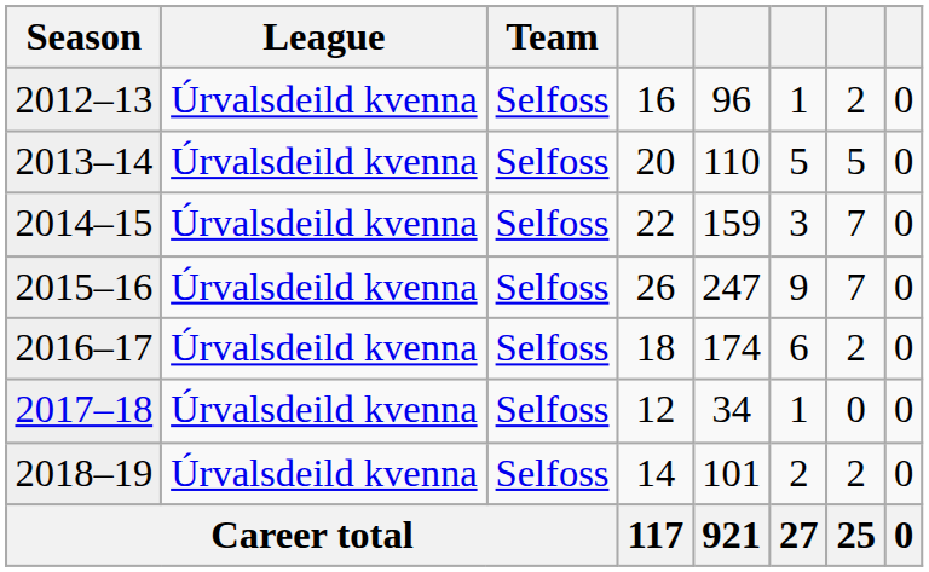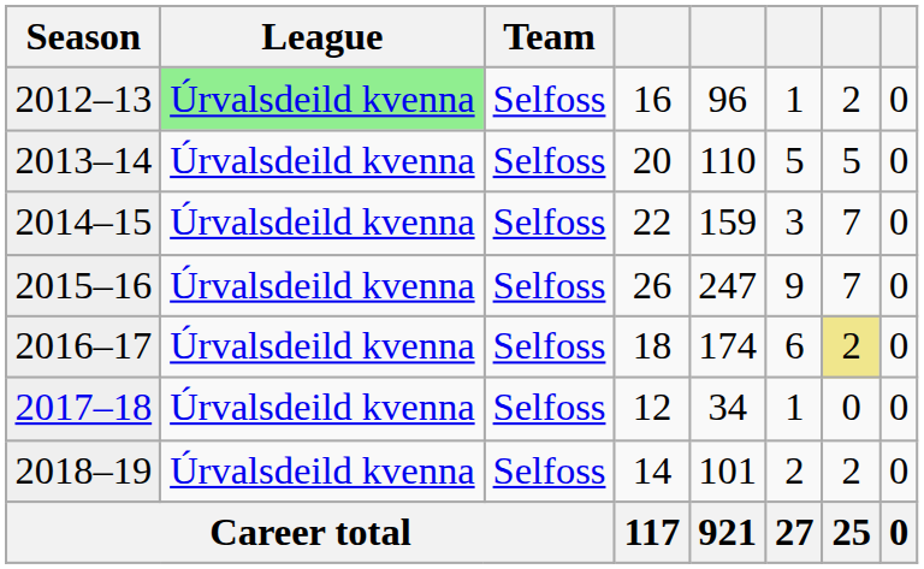 <table class="wikitable">
 <tr>
 <th>Season</th>
 <th>League</th>
 <th>Team</th>
 <th></th>
 <th></th>
 <th></th>
 <th></th>
 <th></th>
 </tr>
 <tr>
 <td style="background:#efefef;">2012–13</td>
-<td><a href='#'>Úrvalsdeild kvenna</a></td>
+<td style="background: lightgreen;"><a href='#'>Úrvalsdeild kvenna</a></td>
 <td><a href='#'>Selfoss</a></td>
 <td align="center">16</td>
 <td align="center">96</td>
 <td align="center">1</td>
 <td align="center">2</td>
 <td align="center">0</td>
 </tr>
 <tr>
 <td style="background:#efefef;">2013–14</td>
 <td><a href='#'>Úrvalsdeild kvenna</a></td>
 <td><a href='#'>Selfoss</a></td>
 <td align="center">20</td>
 <td align="center">110</td>
 <td align="center">5</td>
 <td align="center">5</td>
 <td align="center">0</td>
 </tr>
 <tr>
 <td style="background:#efefef;">2014–15</td>
 <td><a href='#'>Úrvalsdeild kvenna</a></td>
 <td><a href='#'>Selfoss</a></td>
 <td align="center">22</td>
 <td align="center">159</td>
 <td align="center">3</td>
 <td align="center">7</td>
 <td align="center">0</td>
 </tr>
 <tr>
 <td style="background:#efefef;">2015–16</td>
 <td><a href='#'>Úrvalsdeild kvenna</a></td>
 <td><a href='#'>Selfoss</a></td>
 <td align="center">26</td>
 <td align="center">247</td>
 <td align="center">9</td>
 <td align="center">7</td>
 <td align="center">0</td>
 </tr>
 <tr>
 <td style="background:#efefef;">2016–17</td>
 <td><a href='#'>Úrvalsdeild kvenna</a></td>
 <td><a href='#'>Selfoss</a></td>
 <td align="center">18</td>
 <td align="center">174</td>
 <td align="center">6</td>
-<td align="center">2</td>
+<td align="center" style="background: khaki;">2</td>
 <td align="center">0</td>
 </tr>
 <tr>
 <td style="background:#efefef;"><a href='#'>2017–18</a></td>
 <td><a href='#'>Úrvalsdeild kvenna</a></td>
 <td><a href='#'>Selfoss</a></td>
 <td align="center">12</td>
 <td align="center">34</td>
 <td align="center">1</td>
 <td align="center">0</td>
 <td align="center">0</td>
 </tr>
 <tr>
 <td style="background:#efefef;">2018–19</td>
 <td><a href='#'>Úrvalsdeild kvenna</a></td>
 <td><a href='#'>Selfoss</a></td>
 <td align="center">14</td>
 <td align="center">101</td>
 <td align="center">2</td>
 <td align="center">2</td>
 <td align="center">0</td>
 </tr>
 <tr>
 <th colspan="3">Career total</th>
 <th>117</th>
 <th>921</th>
 <th>27</th>
 <th>25</th>
 <th>0</th>
 </tr>
 </table>
